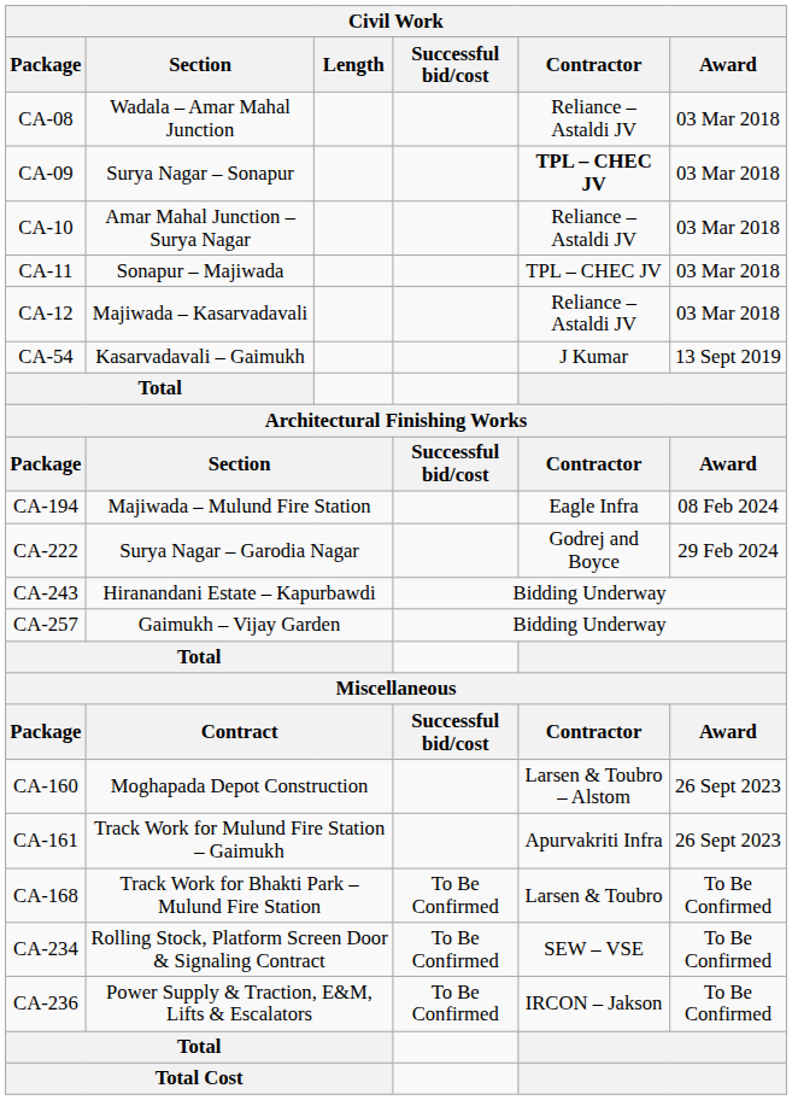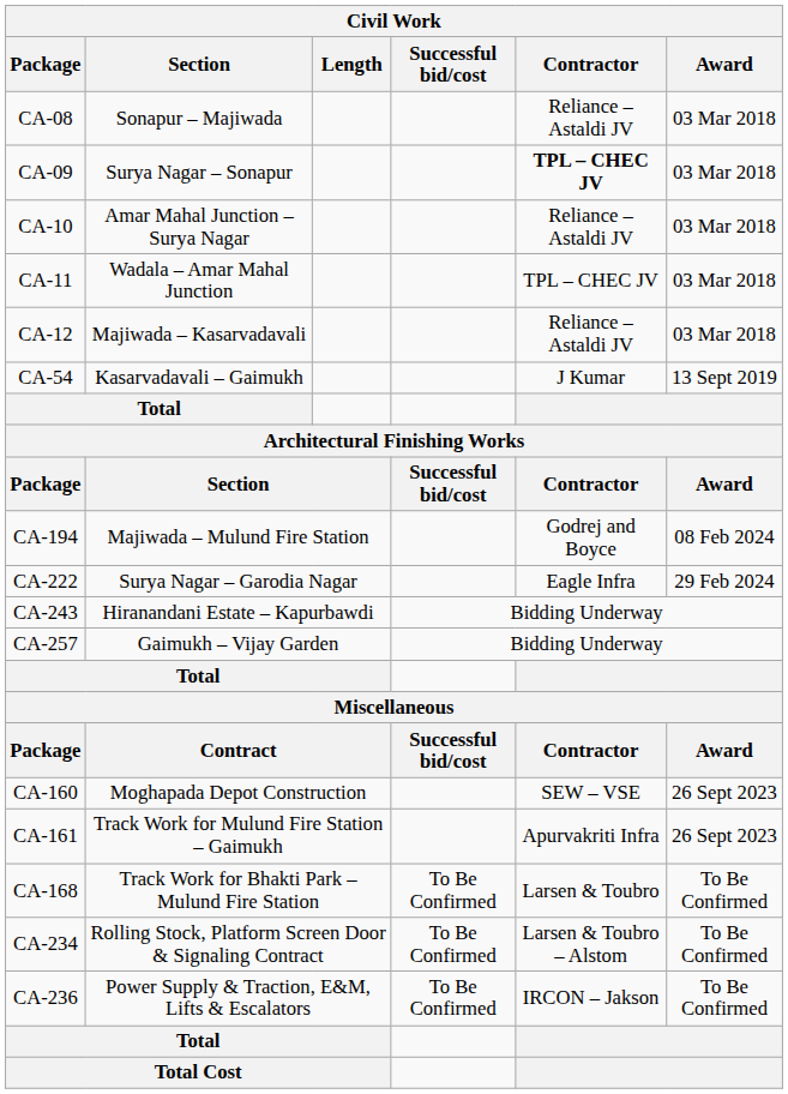 <table class="wikitable" style="text-align:center;margin:auto;">
 <tr>
 <th colspan="6" align="center" style="background:#"><span><strong>Civil Work</strong></span></th>
 </tr>
 <tr>
 <th>Package</th>
 <th>Section</th>
 <th>Length</th>
 <th>Successful bid/cost</th>
 <th>Contractor</th>
 <th>Award</th>
 </tr>
 <tr>
 <td>CA-08</td>
-<td>Wadala – Amar Mahal Junction</td>
+<td>Sonapur – Majiwada</td>
 <td></td>
 <td></td>
 <td>Reliance – Astaldi JV</td>
 <td>03 Mar 2018</td>
 </tr>
 <tr>
 <td>CA-09</td>
 <td>Surya Nagar – Sonapur</td>
 <td></td>
 <td></td>
 <td><strong>TPL – CHEC JV</strong></td>
 <td>03 Mar 2018</td>
 </tr>
 <tr>
 <td>CA-10</td>
 <td>Amar Mahal Junction – Surya Nagar</td>
 <td></td>
 <td></td>
 <td>Reliance – Astaldi JV</td>
 <td>03 Mar 2018</td>
 </tr>
 <tr>
 <td>CA-11</td>
-<td>Sonapur – Majiwada</td>
+<td>Wadala – Amar Mahal Junction</td>
 <td></td>
 <td></td>
 <td>TPL – CHEC JV</td>
 <td>03 Mar 2018</td>
 </tr>
 <tr>
 <td>CA-12</td>
 <td>Majiwada – Kasarvadavali</td>
 <td></td>
 <td></td>
 <td>Reliance – Astaldi JV</td>
 <td>03 Mar 2018</td>
 </tr>
 <tr>
 <td>CA-54</td>
 <td>Kasarvadavali – Gaimukh</td>
 <td></td>
 <td></td>
 <td>J Kumar</td>
 <td>13 Sept 2019</td>
 </tr>
 <tr>
 <th colspan="2">Total</th>
 <td></td>
 <td></td>
 <th colspan="2"></th>
 </tr>
 <tr>
 <th colspan="6" align="center" style="background:#"><span><strong>Architectural Finishing Works</strong></span></th>
 </tr>
 <tr>
 <th>Package</th>
 <th colspan="2">Section</th>
 <th>Successful bid/cost</th>
 <th>Contractor</th>
 <th>Award</th>
 </tr>
 <tr>
 <td>CA-194</td>
 <td colspan="2">Majiwada – Mulund Fire Station</td>
 <td></td>
-<td>Eagle Infra</td>
+<td>Godrej and Boyce</td>
 <td>08 Feb 2024</td>
 </tr>
 <tr>
 <td>CA-222</td>
 <td colspan="2">Surya Nagar – Garodia Nagar</td>
 <td></td>
-<td>Godrej and Boyce</td>
+<td>Eagle Infra</td>
 <td>29 Feb 2024</td>
 </tr>
 <tr>
 <td>CA-243</td>
 <td colspan="2">Hiranandani Estate – Kapurbawdi</td>
 <td colspan="3">Bidding Underway</td>
 </tr>
 <tr>
 <td>CA-257</td>
 <td colspan="2">Gaimukh – Vijay Garden</td>
 <td colspan="3">Bidding Underway</td>
 </tr>
 <tr>
 <th colspan="3">Total</th>
 <td></td>
 <th colspan="2"></th>
 </tr>
 <tr>
 <th colspan="6" align="center" style="background:#"><span><strong>Miscellaneous</strong></span></th>
 </tr>
 <tr>
 <th>Package</th>
 <th colspan="2">Contract</th>
 <th>Successful bid/cost</th>
 <th>Contractor</th>
 <th>Award</th>
 </tr>
 <tr>
 <td>CA-160</td>
 <td colspan="2">Moghapada Depot Construction</td>
 <td></td>
-<td>Larsen & Toubro – Alstom</td>
+<td>SEW – VSE</td>
 <td>26 Sept 2023</td>
 </tr>
 <tr>
 <td>CA-161</td>
 <td colspan="2">Track Work for Mulund Fire Station – Gaimukh</td>
 <td></td>
 <td>Apurvakriti Infra</td>
 <td>26 Sept 2023</td>
 </tr>
 <tr>
 <td>CA-168</td>
 <td colspan="2">Track Work for  Bhakti Park – Mulund Fire Station</td>
 <td>To Be Confirmed</td>
 <td>Larsen & Toubro</td>
 <td>To Be Confirmed</td>
 </tr>
 <tr>
 <td>CA-234</td>
 <td colspan="2">Rolling Stock, Platform Screen Door & Signaling Contract</td>
 <td>To Be Confirmed</td>
-<td>SEW – VSE</td>
+<td>Larsen & Toubro – Alstom</td>
 <td>To Be Confirmed</td>
 </tr>
 <tr>
 <td>CA-236</td>
 <td colspan="2">Power Supply & Traction, E&M, Lifts & Escalators</td>
 <td>To Be Confirmed</td>
 <td>IRCON – Jakson</td>
 <td>To Be Confirmed</td>
 </tr>
 <tr>
 <th colspan="3">Total</th>
 <td></td>
 <th colspan="2"></th>
 </tr>
 <tr>
 <th colspan="3">Total Cost</th>
 <td></td>
 <th colspan="2"></th>
 </tr>
 </table>
